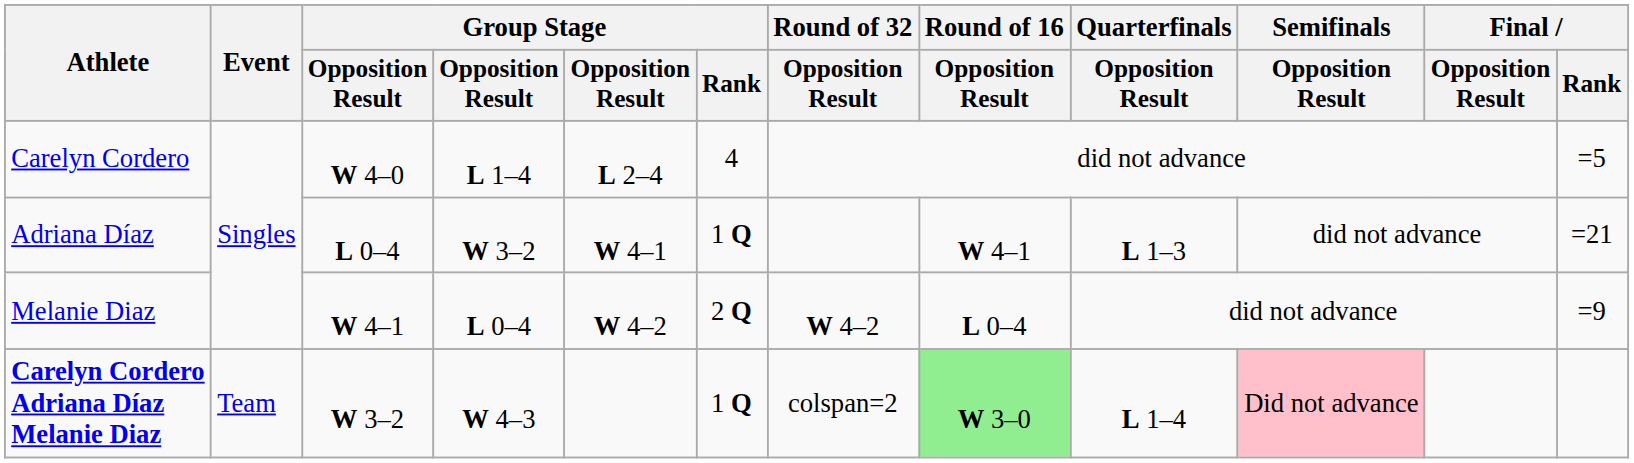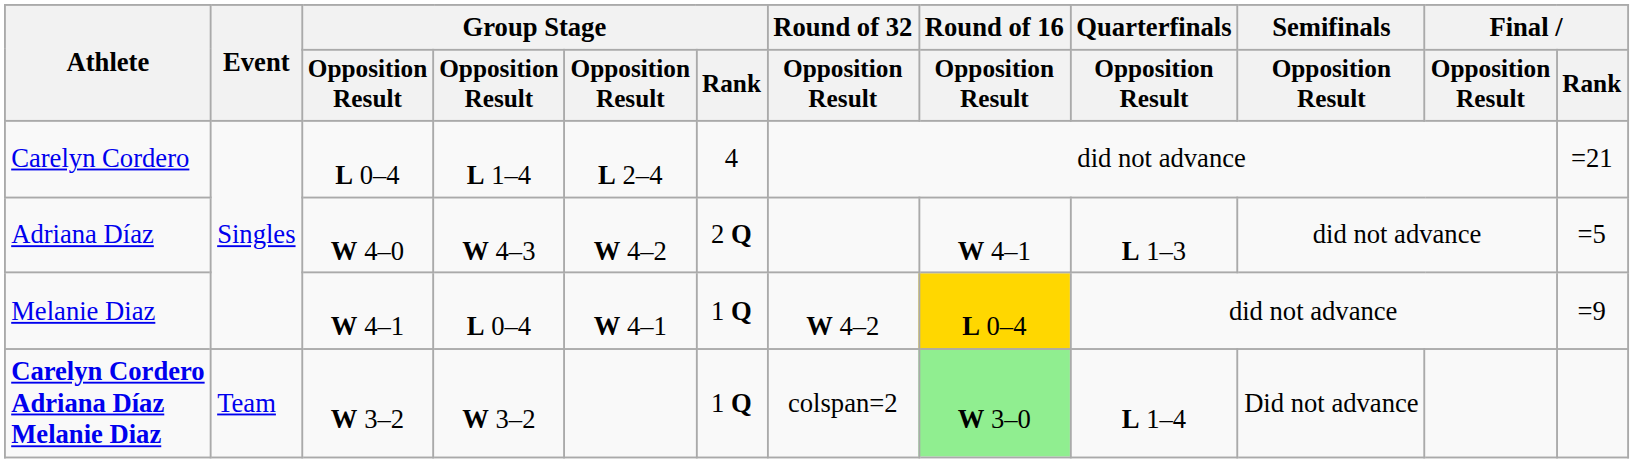 <table class="wikitable" style="font-size:89%">
 <tr>
 <th rowspan=2>Athlete</th>
 <th rowspan=2>Event</th>
 <th colspan=4>Group Stage</th>
 <th>Round of 32</th>
 <th>Round of 16</th>
 <th>Quarterfinals</th>
 <th>Semifinals</th>
 <th colspan=2>Final / </th>
 </tr>
 <tr style="font-size:95%">
 <th>Opposition<br>Result</th>
 <th>Opposition<br>Result</th>
 <th>Opposition<br>Result</th>
 <th>Rank</th>
 <th>Opposition<br>Result</th>
 <th>Opposition<br>Result</th>
 <th>Opposition<br>Result</th>
 <th>Opposition<br>Result</th>
 <th>Opposition<br>Result</th>
 <th>Rank</th>
 </tr>
 <tr align=center>
 <td align=left><a href='#'>Carelyn Cordero</a></td>
 <td align=left rowspan=3><a href='#'>Singles</a></td>
-<td><br><strong>W</strong> 4–0</td>
+<td><br><strong>L</strong> 0–4</td>
 <td><br><strong>L</strong> 1–4</td>
 <td><br><strong>L</strong> 2–4</td>
 <td>4</td>
 <td colspan=5>did not advance</td>
-<td>=5</td>
+<td>=21</td>
 </tr>
 <tr align=center>
 <td align=left><a href='#'>Adriana Díaz</a></td>
-<td><br><strong>L</strong> 0–4</td>
-<td><br><strong>W</strong> 3–2</td>
-<td><br><strong>W</strong> 4–1</td>
-<td>1 <strong>Q</strong></td>
+<td><br><strong>W</strong> 4–0</td>
+<td><br><strong>W</strong> 4–3</td>
+<td><br><strong>W</strong> 4–2</td>
+<td>2 <strong>Q</strong></td>
 <td></td>
 <td><br><strong>W</strong> 4–1</td>
 <td><br><strong>L</strong> 1–3</td>
 <td colspan=2>did not advance</td>
-<td>=21</td>
+<td>=5</td>
 </tr>
 <tr align=center>
 <td align=left><a href='#'>Melanie Diaz</a></td>
 <td><br><strong>W</strong> 4–1</td>
 <td><br><strong>L</strong> 0–4</td>
+<td><br><strong>W</strong> 4–1</td>
+<td>1 <strong>Q</strong></td>
 <td><br><strong>W</strong> 4–2</td>
-<td>2 <strong>Q</strong></td>
-<td><br><strong>W</strong> 4–2</td>
-<td><br><strong>L</strong> 0–4</td>
+<td style="background: gold;"><br><strong>L</strong> 0–4</td>
 <td colspan=3>did not advance</td>
 <td>=9</td>
 </tr>
 <tr align=center>
 <td align=left><strong><a href='#'>Carelyn Cordero</a><br><a href='#'>Adriana Díaz</a><br><a href='#'>Melanie Diaz</a></strong></td>
 <td align=left><a href='#'>Team</a></td>
 <td><br><strong>W</strong> 3–2</td>
-<td><br><strong>W</strong> 4–3</td>
+<td><br><strong>W</strong> 3–2</td>
 <td></td>
 <td>1 <strong>Q</strong></td>
 <td>colspan=2 </td>
 <td style="background: lightgreen;"><br><strong>W</strong> 3–0</td>
 <td><br><strong>L</strong> 1–4</td>
-<td style="background: pink;">Did not advance</td>
+<td>Did not advance</td>
 <td></td>
 </tr>
 </table>
